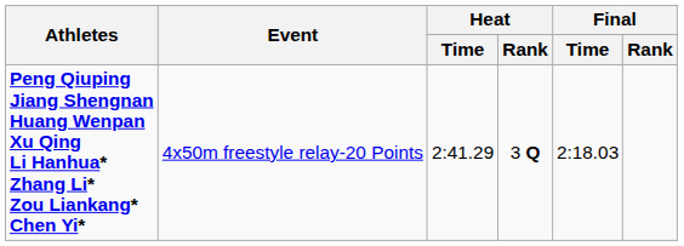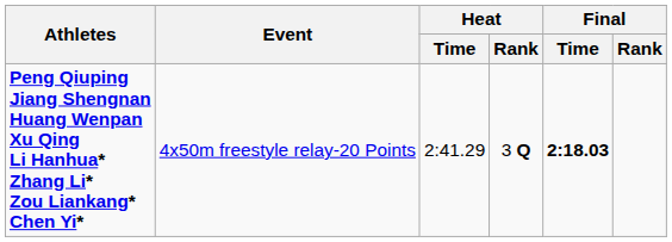 <table class=wikitable>
 <tr>
 <th rowspan="2">Athletes</th>
 <th rowspan="2">Event</th>
 <th colspan="2">Heat</th>
 <th colspan="2">Final</th>
 </tr>
 <tr>
 <th>Time</th>
 <th>Rank</th>
 <th>Time</th>
 <th>Rank</th>
 </tr>
 <tr align=center>
 <td align=left><strong><a href='#'>Peng Qiuping</a><br><a href='#'>Jiang Shengnan</a><br><a href='#'>Huang Wenpan</a><br><a href='#'>Xu Qing</a><br><a href='#'>Li Hanhua</a>*<br><a href='#'>Zhang Li</a>*<br><a href='#'>Zou Liankang</a>*<br><a href='#'>Chen Yi</a>*</strong></td>
 <td align=left><a href='#'>4x50m freestyle relay-20 Points</a></td>
 <td>2:41.29</td>
 <td>3 <strong>Q</strong></td>
-<td>2:18.03 </td>
+<td><strong>2:18.03 </strong></td>
 <td></td>
 </tr>
 </table>
